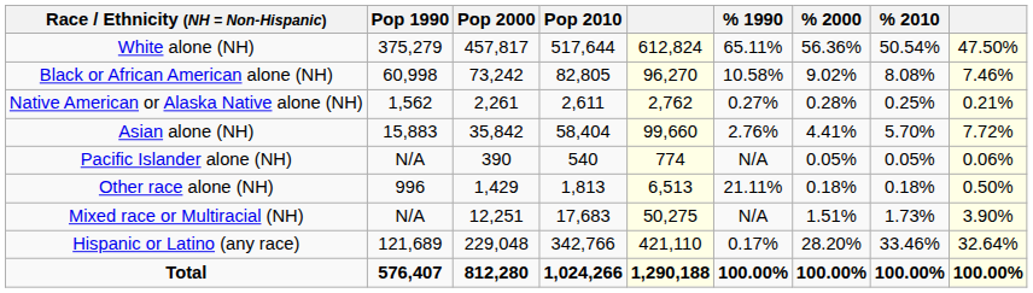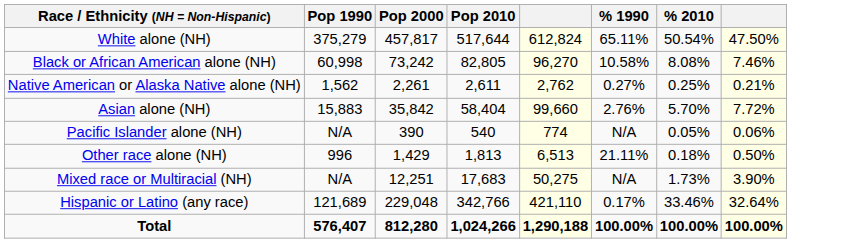 <table class="wikitable" style="text-align:center;">
 <tr>
 <th>Race / Ethnicity <small>(<em>NH = Non-Hispanic</em>)</small></th>
 <th>Pop 1990</th>
 <th>Pop 2000</th>
 <th>Pop 2010</th>
 <th></th>
 <th>% 1990</th>
-<th>% 2000</th>
 <th>% 2010</th>
 <th></th>
 </tr>
 <tr>
 <td><a href='#'>White</a> alone (NH)</td>
 <td>375,279</td>
 <td>457,817</td>
 <td>517,644</td>
 <td style='background: #ffffe6;'>612,824</td>
 <td>65.11%</td>
-<td>56.36%</td>
 <td>50.54%</td>
 <td style='background: #ffffe6;'>47.50%</td>
 </tr>
 <tr>
 <td><a href='#'>Black or African American</a> alone (NH)</td>
 <td>60,998</td>
 <td>73,242</td>
 <td>82,805</td>
 <td style='background: #ffffe6;'>96,270</td>
 <td>10.58%</td>
-<td>9.02%</td>
 <td>8.08%</td>
 <td style='background: #ffffe6;'>7.46%</td>
 </tr>
 <tr>
 <td><a href='#'>Native American</a> or <a href='#'>Alaska Native</a> alone (NH)</td>
 <td>1,562</td>
 <td>2,261</td>
 <td>2,611</td>
 <td style='background: #ffffe6;'>2,762</td>
 <td>0.27%</td>
-<td>0.28%</td>
 <td>0.25%</td>
 <td style='background: #ffffe6;'>0.21%</td>
 </tr>
 <tr>
 <td><a href='#'>Asian</a> alone (NH)</td>
 <td>15,883</td>
 <td>35,842</td>
 <td>58,404</td>
 <td style='background: #ffffe6;'>99,660</td>
 <td>2.76%</td>
-<td>4.41%</td>
 <td>5.70%</td>
 <td style='background: #ffffe6;'>7.72%</td>
 </tr>
 <tr>
 <td><a href='#'>Pacific Islander</a> alone (NH)</td>
 <td>N/A</td>
 <td>390</td>
 <td>540</td>
 <td style='background: #ffffe6;'>774</td>
 <td>N/A</td>
 <td>0.05%</td>
-<td>0.05%</td>
 <td style='background: #ffffe6;'>0.06%</td>
 </tr>
 <tr>
 <td><a href='#'>Other race</a> alone (NH)</td>
 <td>996</td>
 <td>1,429</td>
 <td>1,813</td>
 <td style='background: #ffffe6;'>6,513</td>
 <td>21.11%</td>
 <td>0.18%</td>
-<td>0.18%</td>
 <td style='background: #ffffe6;'>0.50%</td>
 </tr>
 <tr>
 <td><a href='#'>Mixed race or Multiracial</a> (NH)</td>
 <td>N/A</td>
 <td>12,251</td>
 <td>17,683</td>
 <td style='background: #ffffe6;'>50,275</td>
 <td>N/A</td>
-<td>1.51%</td>
 <td>1.73%</td>
 <td style='background: #ffffe6;'>3.90%</td>
 </tr>
 <tr>
 <td><a href='#'>Hispanic or Latino</a> (any race)</td>
 <td>121,689</td>
 <td>229,048</td>
 <td>342,766</td>
 <td style='background: #ffffe6;'>421,110</td>
 <td>0.17%</td>
-<td>28.20%</td>
 <td>33.46%</td>
 <td style='background: #ffffe6;'>32.64%</td>
 </tr>
 <tr>
 <td><strong>Total</strong></td>
 <td><strong>576,407</strong></td>
 <td><strong>812,280</strong></td>
 <td><strong>1,024,266</strong></td>
 <td style='background: #ffffe6;'><strong>1,290,188</strong></td>
 <td><strong>100.00%</strong></td>
 <td><strong>100.00%</strong></td>
-<td><strong>100.00%</strong></td>
 <td style='background: #ffffe6;'><strong>100.00%</strong></td>
 </tr>
 </table>
